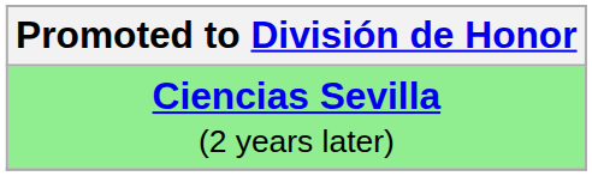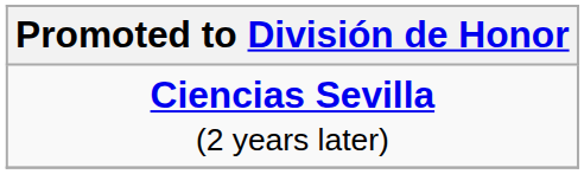 <table class="wikitable" style="text-align: center; margin: 0 auto;">
 <tr>
 <th colspan="2">Promoted to <a href='#'>División de Honor</a></th>
 </tr>
 <tr>
-<td style="background: lightgreen;"><strong><a href='#'>Ciencias Sevilla</a></strong><br><small>(2 years later)</small></td>
+<td><strong><a href='#'>Ciencias Sevilla</a></strong><br><small>(2 years later)</small></td>
 </tr>
 <tr>
 </tr>
 </table>
